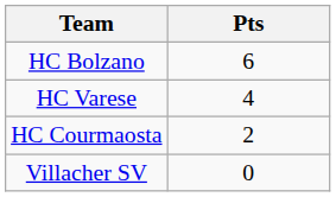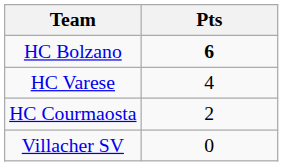 <table class=wikitable style="text-align: center;">
 <tr>
 <th width="50%">Team</th>
 <th>Pts</th>
 </tr>
 <tr>
 <td><a href='#'>HC Bolzano</a></td>
-<td>6</td>
+<td><strong>6</strong></td>
 </tr>
 <tr>
 <td><a href='#'>HC Varese</a></td>
 <td>4</td>
 </tr>
 <tr>
 <td><a href='#'>HC Courmaosta</a></td>
 <td>2</td>
 </tr>
 <tr>
 <td><a href='#'>Villacher SV</a></td>
 <td>0</td>
 </tr>
 </table>
